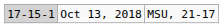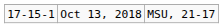 <table class="wikitable">
 <tr align="center">
 </tr>
 <tr align="center">
-<td style="background: lightgrey;">17-15-1</td>
+<td>17-15-1</td>
 <td>Oct 13, 2018</td>
 <td>MSU, 21-17</td>
 </tr>
 </table>
